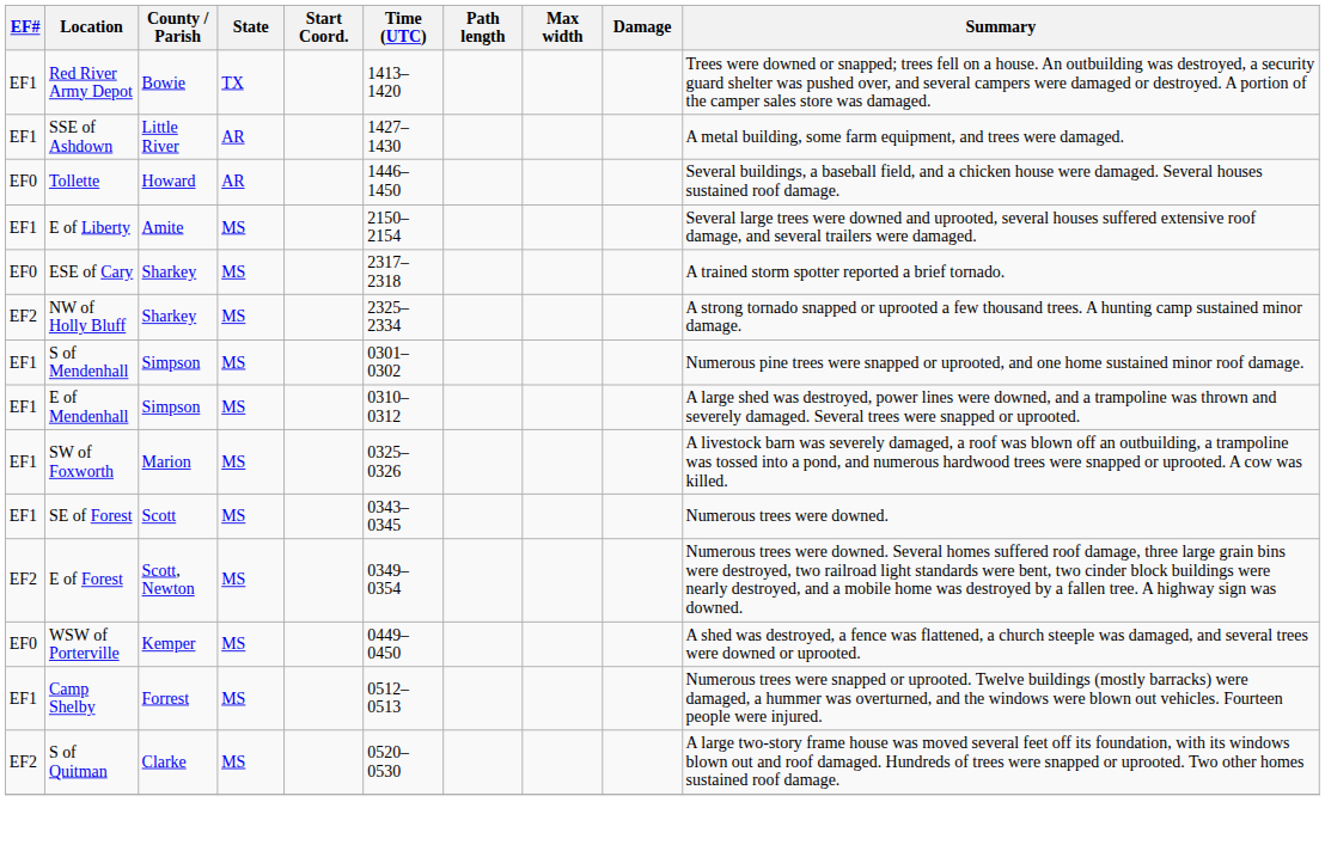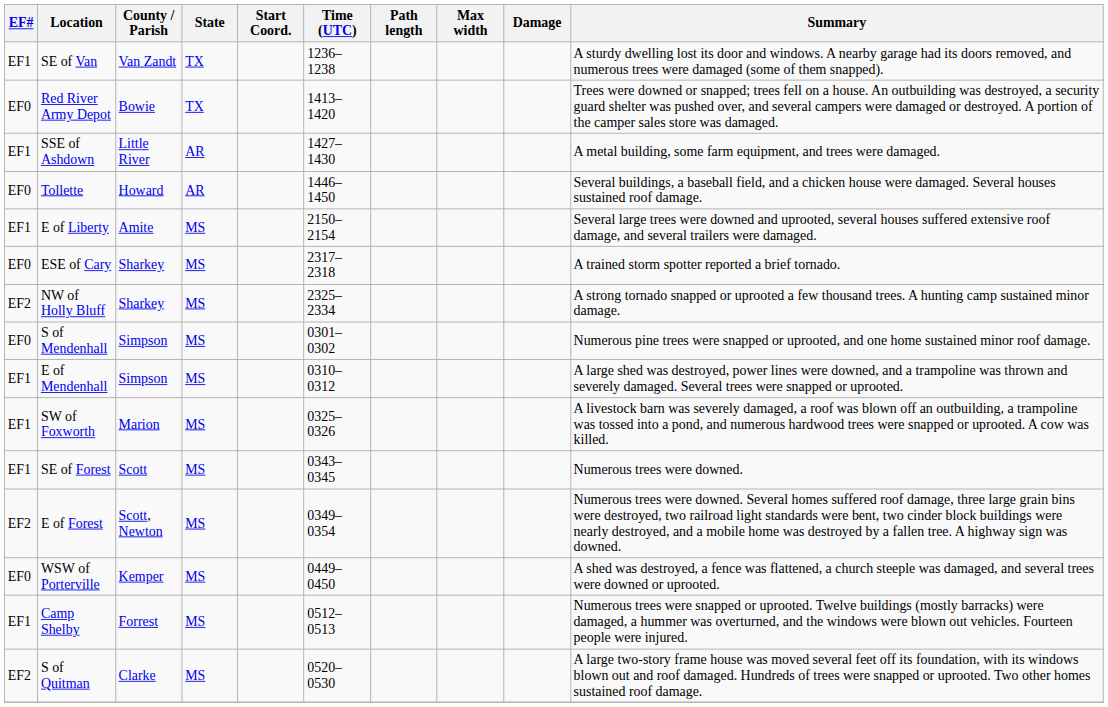 <table class="wikitable sortable" style="width:100%;">
 <tr>
 <th scope="col" width="3%" align="center"><a href='#'>EF#</a></th>
 <th scope="col" width="7%" align="center" class="unsortable">Location</th>
 <th scope="col" width="6%" align="center" class="unsortable">County / Parish</th>
 <th scope="col" width="5%" align="center">State</th>
 <th scope="col" width="6%" align="center">Start Coord.</th>
 <th scope="col" width="6%" align="center">Time (<a href='#'>UTC</a>)</th>
 <th scope="col" width="6%" align="center">Path length</th>
 <th scope="col" width="6%" align="center">Max width</th>
 <th scope="col" width="6%" align="center">Damage</th>
 <th scope="col" width="48%" class="unsortable" align="center">Summary</th>
 </tr>
 <tr>
 <td>EF1</td>
+<td>SE of <a href='#'>Van</a></td>
+<td><a href='#'>Van Zandt</a></td>
+<td><a href='#'>TX</a></td>
+<td></td>
+<td>1236–1238</td>
+<td></td>
+<td></td>
+<td></td>
+<td>A sturdy dwelling lost its door and windows. A nearby garage had its doors removed, and numerous trees were damaged (some of them snapped).</td>
+</tr>
+<tr>
+<td>EF0</td>
 <td><a href='#'>Red River Army Depot</a></td>
 <td><a href='#'>Bowie</a></td>
 <td><a href='#'>TX</a></td>
 <td></td>
 <td>1413–1420</td>
 <td></td>
 <td></td>
 <td></td>
 <td>Trees were downed or snapped; trees fell on a house. An outbuilding was destroyed, a security guard shelter was pushed over, and several campers were damaged or destroyed. A portion of the camper sales store was damaged.</td>
 </tr>
 <tr>
 <td>EF1</td>
 <td>SSE of <a href='#'>Ashdown</a></td>
 <td><a href='#'>Little River</a></td>
 <td><a href='#'>AR</a></td>
 <td></td>
 <td>1427–1430</td>
 <td></td>
 <td></td>
 <td></td>
 <td>A metal building, some farm equipment, and trees were damaged.</td>
 </tr>
 <tr>
 <td>EF0</td>
 <td><a href='#'>Tollette</a></td>
 <td><a href='#'>Howard</a></td>
 <td><a href='#'>AR</a></td>
 <td></td>
 <td>1446–1450</td>
 <td></td>
 <td></td>
 <td></td>
 <td>Several buildings, a baseball field, and a chicken house were damaged. Several houses sustained roof damage.</td>
 </tr>
 <tr>
 <td>EF1</td>
 <td>E of <a href='#'>Liberty</a></td>
 <td><a href='#'>Amite</a></td>
 <td><a href='#'>MS</a></td>
 <td></td>
 <td>2150–2154</td>
 <td></td>
 <td></td>
 <td></td>
 <td>Several large trees were downed and uprooted, several houses suffered extensive roof damage, and several trailers were damaged.</td>
 </tr>
 <tr>
 <td>EF0</td>
 <td>ESE of <a href='#'>Cary</a></td>
 <td><a href='#'>Sharkey</a></td>
 <td><a href='#'>MS</a></td>
 <td></td>
 <td>2317–2318</td>
 <td></td>
 <td></td>
 <td></td>
 <td>A trained storm spotter reported a brief tornado.</td>
 </tr>
 <tr>
 <td>EF2</td>
 <td>NW of <a href='#'>Holly Bluff</a></td>
 <td><a href='#'>Sharkey</a></td>
 <td><a href='#'>MS</a></td>
 <td></td>
 <td>2325–2334</td>
 <td></td>
 <td></td>
 <td></td>
 <td>A strong tornado snapped or uprooted a few thousand trees. A hunting camp sustained minor damage.</td>
 </tr>
 <tr>
-<td>EF1</td>
+<td>EF0</td>
 <td>S of <a href='#'>Mendenhall</a></td>
 <td><a href='#'>Simpson</a></td>
 <td><a href='#'>MS</a></td>
 <td></td>
 <td>0301–0302</td>
 <td></td>
 <td></td>
 <td></td>
 <td>Numerous pine trees were snapped or uprooted, and one home sustained minor roof damage.</td>
 </tr>
 <tr>
 <td>EF1</td>
 <td>E of <a href='#'>Mendenhall</a></td>
 <td><a href='#'>Simpson</a></td>
 <td><a href='#'>MS</a></td>
 <td></td>
 <td>0310–0312</td>
 <td></td>
 <td></td>
 <td></td>
 <td>A large shed was destroyed, power lines were downed, and a trampoline was thrown and severely damaged. Several trees were snapped or uprooted.</td>
 </tr>
 <tr>
 <td>EF1</td>
 <td>SW of <a href='#'>Foxworth</a></td>
 <td><a href='#'>Marion</a></td>
 <td><a href='#'>MS</a></td>
 <td></td>
 <td>0325–0326</td>
 <td></td>
 <td></td>
 <td></td>
 <td>A livestock barn was severely damaged, a roof was blown off an outbuilding, a trampoline was tossed into a pond, and numerous hardwood trees were snapped or uprooted. A cow was killed.</td>
 </tr>
 <tr>
 <td>EF1</td>
 <td>SE of <a href='#'>Forest</a></td>
 <td><a href='#'>Scott</a></td>
 <td><a href='#'>MS</a></td>
 <td></td>
 <td>0343–0345</td>
 <td></td>
 <td></td>
 <td></td>
 <td>Numerous trees were downed.</td>
 </tr>
 <tr>
 <td>EF2</td>
 <td>E of <a href='#'>Forest</a></td>
 <td><a href='#'>Scott</a>, <a href='#'>Newton</a></td>
 <td><a href='#'>MS</a></td>
 <td></td>
 <td>0349–0354</td>
 <td></td>
 <td></td>
 <td></td>
 <td>Numerous trees were downed. Several homes suffered roof damage, three large grain bins were destroyed, two railroad light standards were bent, two cinder block buildings were nearly destroyed, and a mobile home was destroyed by a fallen tree. A highway sign was downed.</td>
 </tr>
 <tr>
 <td>EF0</td>
 <td>WSW of <a href='#'>Porterville</a></td>
 <td><a href='#'>Kemper</a></td>
 <td><a href='#'>MS</a></td>
 <td></td>
 <td>0449–0450</td>
 <td></td>
 <td></td>
 <td></td>
 <td>A shed was destroyed, a fence was flattened, a church steeple was damaged, and several trees were downed or uprooted.</td>
 </tr>
 <tr>
 <td>EF1</td>
 <td><a href='#'>Camp Shelby</a></td>
 <td><a href='#'>Forrest</a></td>
 <td><a href='#'>MS</a></td>
 <td></td>
 <td>0512–0513</td>
 <td></td>
 <td></td>
 <td></td>
 <td>Numerous trees were snapped or uprooted. Twelve buildings (mostly barracks) were damaged, a hummer was overturned, and the windows were blown out vehicles. Fourteen people were injured.</td>
 </tr>
 <tr>
 <td>EF2</td>
 <td>S of <a href='#'>Quitman</a></td>
 <td><a href='#'>Clarke</a></td>
 <td><a href='#'>MS</a></td>
 <td></td>
 <td>0520–0530</td>
 <td></td>
 <td></td>
 <td></td>
 <td>A large two-story frame house was moved several feet off its foundation, with its windows blown out and roof damaged. Hundreds of trees were snapped or uprooted. Two other homes sustained roof damage.</td>
 </tr>
 <tr>
 </tr>
 </table>
